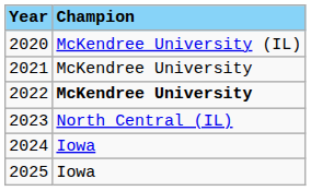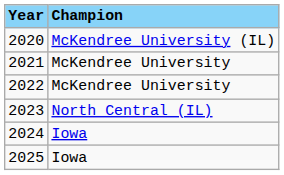 <table class="wikitable" style="font-size:85%;">
 <tr ! style="background-color: #87D3F8;">
 <td><strong>Year</strong></td>
 <td><strong>Champion</strong></td>
 </tr>
 <tr --->
 <td>2020</td>
 <td><a href='#'>McKendree University</a> (IL)</td>
 </tr>
 <tr --->
 <td>2021</td>
 <td>McKendree University</td>
 </tr>
 <tr --->
 <td>2022</td>
-<td><strong>McKendree University</strong></td>
+<td>McKendree University</td>
 </tr>
 <tr --->
 <td>2023</td>
 <td><a href='#'>North Central (IL)</a></td>
 </tr>
 <tr --->
 <td>2024</td>
 <td><a href='#'>Iowa</a></td>
 </tr>
 <tr --->
 <td>2025</td>
 <td>Iowa</td>
 </tr>
 </table>
